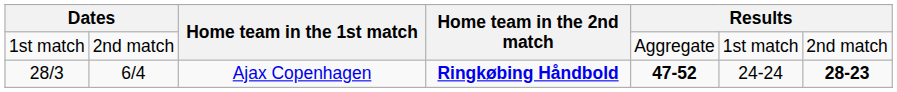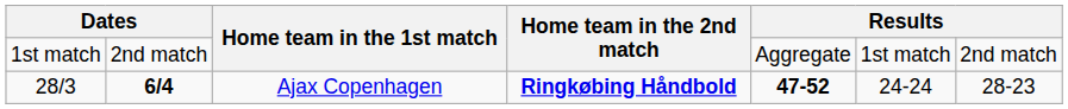 <table class="wikitable" style="text-align:center; margin-left:1em;">
 <tr>
 <th colspan="2">Dates</th>
 <th rowspan="2" style="width:220px;">Home team in the 1st match</th>
 <th rowspan="2" style="width:180px;">Home team in the 2nd match</th>
 <th colspan="3">Results</th>
 </tr>
 <tr>
 <td>1st match</td>
 <td>2nd match</td>
 <td>Aggregate</td>
 <td>1st match</td>
 <td>2nd match</td>
 </tr>
 <tr>
 <td>28/3</td>
-<td>6/4</td>
+<td><strong>6/4</strong></td>
 <td><a href='#'>Ajax Copenhagen</a></td>
 <td><strong><a href='#'>Ringkøbing Håndbold</a></strong></td>
 <td><strong>47-52</strong></td>
 <td>24-24</td>
-<td><strong>28-23</strong></td>
+<td>28-23</td>
 </tr>
 </table>
